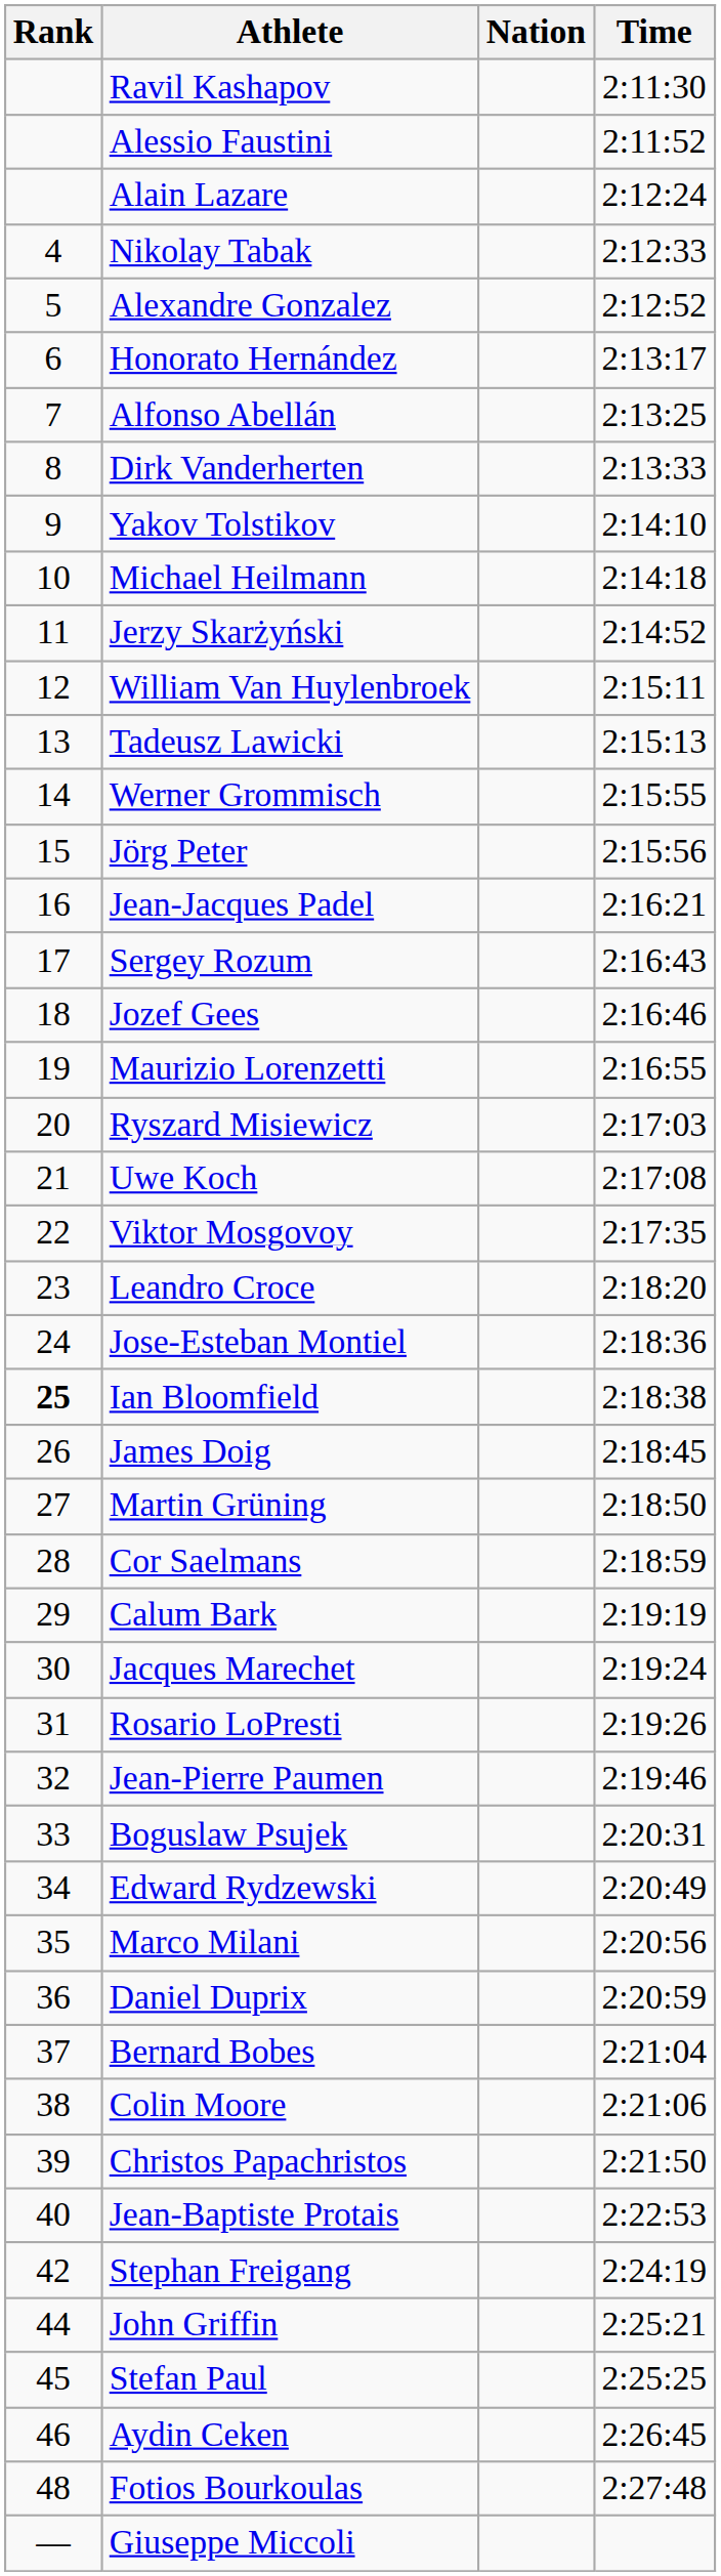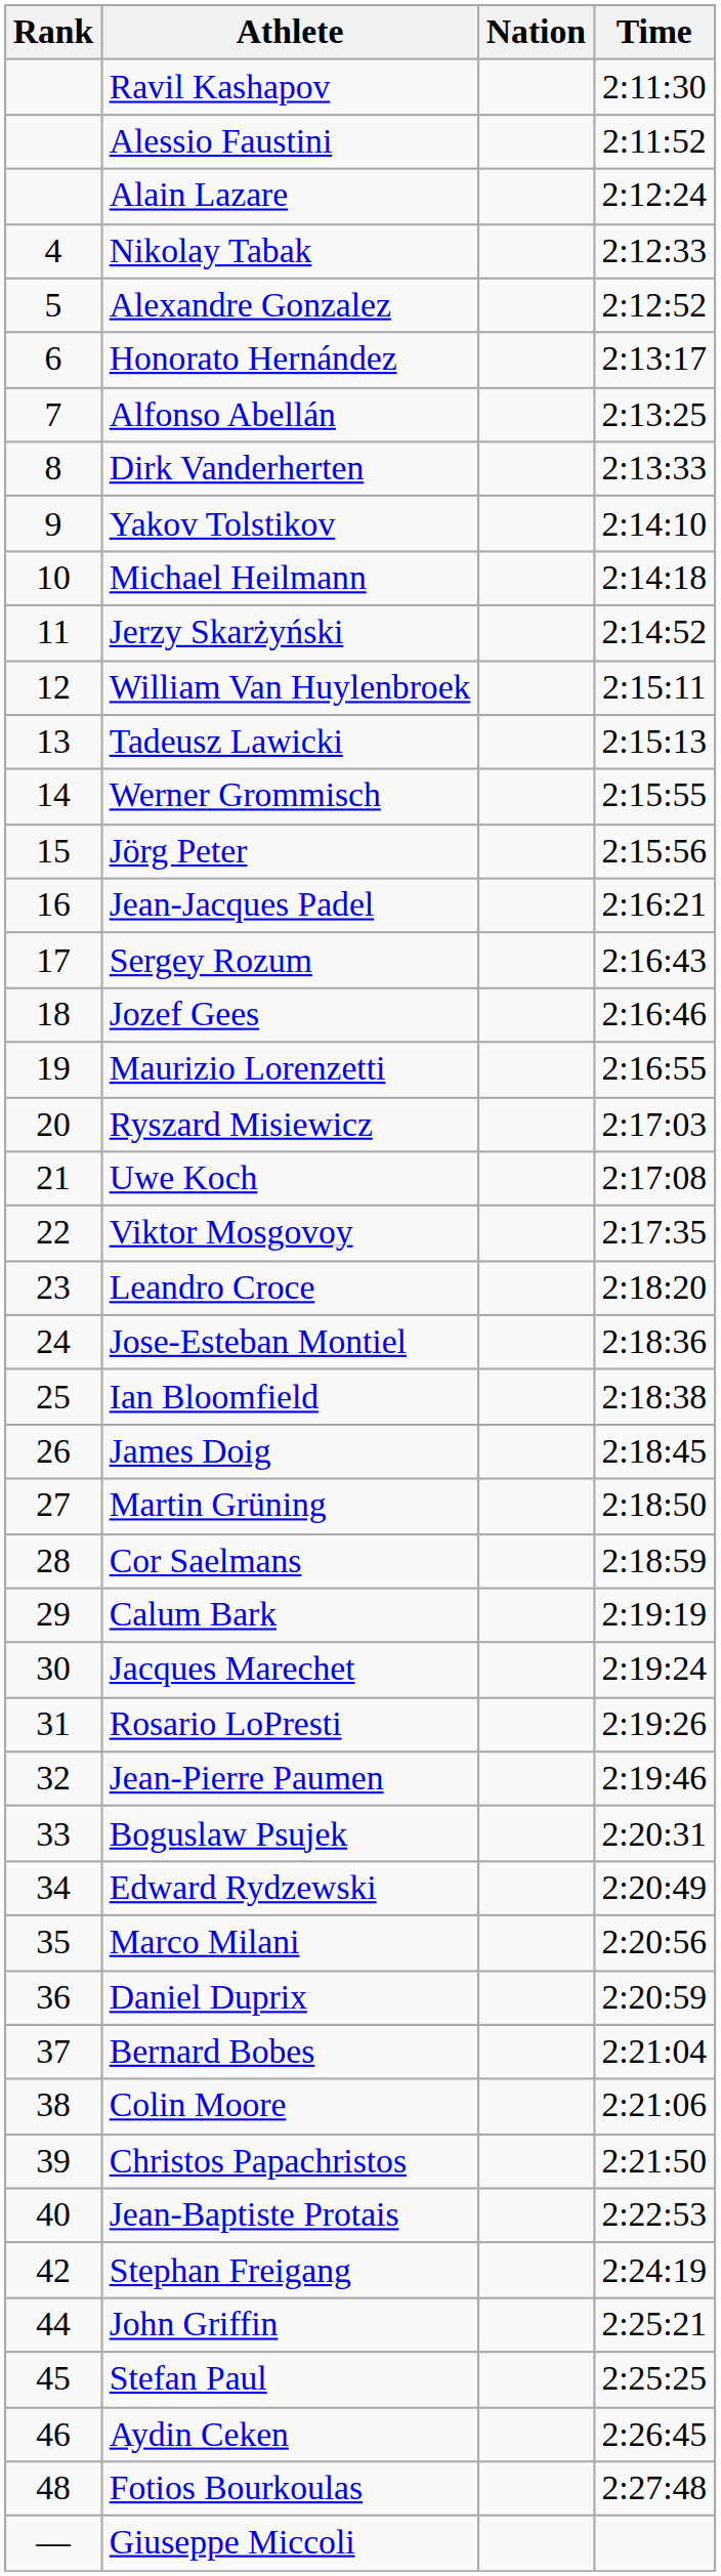 <table class="wikitable sortable" style="text-align:center;">
 <tr>
 <th>Rank</th>
 <th>Athlete</th>
 <th>Nation</th>
 <th>Time</th>
 </tr>
 <tr>
 <td></td>
 <td align=left><a href='#'>Ravil Kashapov</a></td>
 <td align=left></td>
 <td>2:11:30</td>
 </tr>
 <tr>
 <td></td>
 <td align=left><a href='#'>Alessio Faustini</a></td>
 <td align=left></td>
 <td>2:11:52</td>
 </tr>
 <tr>
 <td></td>
 <td align=left><a href='#'>Alain Lazare</a></td>
 <td align=left></td>
 <td>2:12:24</td>
 </tr>
 <tr>
 <td>4</td>
 <td align=left><a href='#'>Nikolay Tabak</a></td>
 <td align=left></td>
 <td>2:12:33</td>
 </tr>
 <tr>
 <td>5</td>
 <td align=left><a href='#'>Alexandre Gonzalez</a></td>
 <td align=left></td>
 <td>2:12:52</td>
 </tr>
 <tr>
 <td>6</td>
 <td align=left><a href='#'>Honorato Hernández</a></td>
 <td align=left></td>
 <td>2:13:17</td>
 </tr>
 <tr>
 <td>7</td>
 <td align=left><a href='#'>Alfonso Abellán</a></td>
 <td align=left></td>
 <td>2:13:25</td>
 </tr>
 <tr>
 <td>8</td>
 <td align=left><a href='#'>Dirk Vanderherten</a></td>
 <td align=left></td>
 <td>2:13:33</td>
 </tr>
 <tr>
 <td>9</td>
 <td align=left><a href='#'>Yakov Tolstikov</a></td>
 <td align=left></td>
 <td>2:14:10</td>
 </tr>
 <tr>
 <td>10</td>
 <td align=left><a href='#'>Michael Heilmann</a></td>
 <td align=left></td>
 <td>2:14:18</td>
 </tr>
 <tr>
 <td>11</td>
 <td align=left><a href='#'>Jerzy Skarżyński</a></td>
 <td align=left></td>
 <td>2:14:52</td>
 </tr>
 <tr>
 <td>12</td>
 <td align=left><a href='#'>William Van Huylenbroek</a></td>
 <td align=left></td>
 <td>2:15:11</td>
 </tr>
 <tr>
 <td>13</td>
 <td align=left><a href='#'>Tadeusz Lawicki</a></td>
 <td align=left></td>
 <td>2:15:13</td>
 </tr>
 <tr>
 <td>14</td>
 <td align=left><a href='#'>Werner Grommisch</a></td>
 <td align=left></td>
 <td>2:15:55</td>
 </tr>
 <tr>
 <td>15</td>
 <td align=left><a href='#'>Jörg Peter</a></td>
 <td align=left></td>
 <td>2:15:56</td>
 </tr>
 <tr>
 <td>16</td>
 <td align=left><a href='#'>Jean-Jacques Padel</a></td>
 <td align=left></td>
 <td>2:16:21</td>
 </tr>
 <tr>
 <td>17</td>
 <td align=left><a href='#'>Sergey Rozum</a></td>
 <td align=left></td>
 <td>2:16:43</td>
 </tr>
 <tr>
 <td>18</td>
 <td align=left><a href='#'>Jozef Gees</a></td>
 <td align=left></td>
 <td>2:16:46</td>
 </tr>
 <tr>
 <td>19</td>
 <td align=left><a href='#'>Maurizio Lorenzetti</a></td>
 <td align=left></td>
 <td>2:16:55</td>
 </tr>
 <tr>
 <td>20</td>
 <td align=left><a href='#'>Ryszard Misiewicz</a></td>
 <td align=left></td>
 <td>2:17:03</td>
 </tr>
 <tr>
 <td>21</td>
 <td align=left><a href='#'>Uwe Koch</a></td>
 <td align=left></td>
 <td>2:17:08</td>
 </tr>
 <tr>
 <td>22</td>
 <td align=left><a href='#'>Viktor Mosgovoy</a></td>
 <td align=left></td>
 <td>2:17:35</td>
 </tr>
 <tr>
 <td>23</td>
 <td align=left><a href='#'>Leandro Croce</a></td>
 <td align=left></td>
 <td>2:18:20</td>
 </tr>
 <tr>
 <td>24</td>
 <td align=left><a href='#'>Jose-Esteban Montiel</a></td>
 <td align=left></td>
 <td>2:18:36</td>
 </tr>
 <tr>
-<td><strong>25</strong></td>
+<td>25</td>
 <td align=left><a href='#'>Ian Bloomfield</a></td>
 <td align=left></td>
 <td>2:18:38</td>
 </tr>
 <tr>
 <td>26</td>
 <td align=left><a href='#'>James Doig</a></td>
 <td align=left></td>
 <td>2:18:45</td>
 </tr>
 <tr>
 <td>27</td>
 <td align=left><a href='#'>Martin Grüning</a></td>
 <td align=left></td>
 <td>2:18:50</td>
 </tr>
 <tr>
 <td>28</td>
 <td align=left><a href='#'>Cor Saelmans</a></td>
 <td align=left></td>
 <td>2:18:59</td>
 </tr>
 <tr>
 <td>29</td>
 <td align=left><a href='#'>Calum Bark</a></td>
 <td align=left></td>
 <td>2:19:19</td>
 </tr>
 <tr>
 <td>30</td>
 <td align=left><a href='#'>Jacques Marechet</a></td>
 <td align=left></td>
 <td>2:19:24</td>
 </tr>
 <tr>
 <td>31</td>
 <td align=left><a href='#'>Rosario LoPresti</a></td>
 <td align=left></td>
 <td>2:19:26</td>
 </tr>
 <tr>
 <td>32</td>
 <td align=left><a href='#'>Jean-Pierre Paumen</a></td>
 <td align=left></td>
 <td>2:19:46</td>
 </tr>
 <tr>
 <td>33</td>
 <td align=left><a href='#'>Boguslaw Psujek</a></td>
 <td align=left></td>
 <td>2:20:31</td>
 </tr>
 <tr>
 <td>34</td>
 <td align=left><a href='#'>Edward Rydzewski</a></td>
 <td align=left></td>
 <td>2:20:49</td>
 </tr>
 <tr>
 <td>35</td>
 <td align=left><a href='#'>Marco Milani</a></td>
 <td align=left></td>
 <td>2:20:56</td>
 </tr>
 <tr>
 <td>36</td>
 <td align=left><a href='#'>Daniel Duprix</a></td>
 <td align=left></td>
 <td>2:20:59</td>
 </tr>
 <tr>
 <td>37</td>
 <td align=left><a href='#'>Bernard Bobes</a></td>
 <td align=left></td>
 <td>2:21:04</td>
 </tr>
 <tr>
 <td>38</td>
 <td align=left><a href='#'>Colin Moore</a></td>
 <td align=left></td>
 <td>2:21:06</td>
 </tr>
 <tr>
 <td>39</td>
 <td align=left><a href='#'>Christos Papachristos</a></td>
 <td align=left></td>
 <td>2:21:50</td>
 </tr>
 <tr>
 <td>40</td>
 <td align=left><a href='#'>Jean-Baptiste Protais</a></td>
 <td align=left></td>
 <td>2:22:53</td>
 </tr>
 <tr>
 <td>42</td>
 <td align=left><a href='#'>Stephan Freigang</a></td>
 <td align=left></td>
 <td>2:24:19</td>
 </tr>
 <tr>
 <td>44</td>
 <td align=left><a href='#'>John Griffin</a></td>
 <td align=left></td>
 <td>2:25:21</td>
 </tr>
 <tr>
 <td>45</td>
 <td align=left><a href='#'>Stefan Paul</a></td>
 <td align=left></td>
 <td>2:25:25</td>
 </tr>
 <tr>
 <td>46</td>
 <td align=left><a href='#'>Aydin Ceken</a></td>
 <td align=left></td>
 <td>2:26:45</td>
 </tr>
 <tr>
 <td>48</td>
 <td align=left><a href='#'>Fotios Bourkoulas</a></td>
 <td align=left></td>
 <td>2:27:48</td>
 </tr>
 <tr>
 <td>—</td>
 <td align=left><a href='#'>Giuseppe Miccoli</a></td>
 <td align=left></td>
 <td></td>
 </tr>
 </table>
